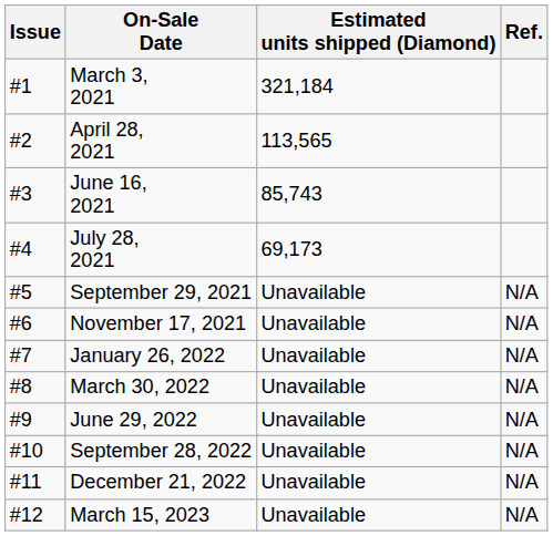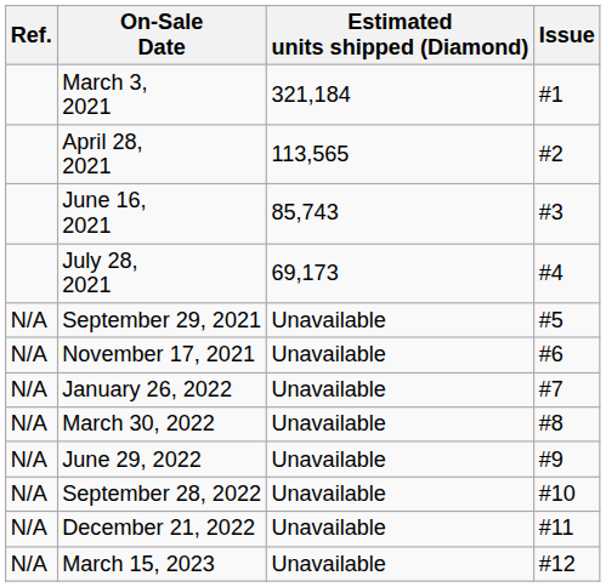 <table class="wikitable">
 <tr>
-<th>Issue</th>
+<th>Ref.</th>
 <th>On-Sale<br>Date</th>
 <th>Estimated<br>units shipped (Diamond)</th>
-<th>Ref.</th>
+<th>Issue</th>
 </tr>
 <tr>
-<td>#1</td>
+<td></td>
 <td>March 3,<br>2021</td>
 <td>321,184</td>
-<td></td>
+<td>#1</td>
 </tr>
 <tr>
-<td>#2</td>
+<td></td>
 <td>April 28,<br>2021</td>
 <td>113,565</td>
-<td></td>
+<td>#2</td>
 </tr>
 <tr>
-<td>#3</td>
+<td></td>
 <td>June 16,<br>2021</td>
 <td>85,743</td>
-<td></td>
+<td>#3</td>
 </tr>
 <tr>
-<td>#4</td>
+<td></td>
 <td>July 28,<br>2021</td>
 <td>69,173</td>
-<td></td>
+<td>#4</td>
 </tr>
 <tr>
-<td>#5</td>
+<td>N/A</td>
 <td>September 29, 2021</td>
 <td>Unavailable</td>
-<td>N/A</td>
+<td>#5</td>
 </tr>
 <tr>
-<td>#6</td>
+<td>N/A</td>
 <td>November 17, 2021</td>
 <td>Unavailable</td>
-<td>N/A</td>
+<td>#6</td>
 </tr>
 <tr>
-<td>#7</td>
+<td>N/A</td>
 <td>January 26, 2022</td>
 <td>Unavailable</td>
-<td>N/A</td>
+<td>#7</td>
 </tr>
 <tr>
-<td>#8</td>
+<td>N/A</td>
 <td>March 30, 2022</td>
 <td>Unavailable</td>
-<td>N/A</td>
+<td>#8</td>
 </tr>
 <tr>
-<td>#9</td>
+<td>N/A</td>
 <td>June 29, 2022</td>
 <td>Unavailable</td>
-<td>N/A</td>
+<td>#9</td>
 </tr>
 <tr>
-<td>#10</td>
+<td>N/A</td>
 <td>September 28, 2022</td>
 <td>Unavailable</td>
-<td>N/A</td>
+<td>#10</td>
 </tr>
 <tr>
-<td>#11</td>
+<td>N/A</td>
 <td>December 21, 2022</td>
 <td>Unavailable</td>
-<td>N/A</td>
+<td>#11</td>
 </tr>
 <tr>
-<td>#12</td>
+<td>N/A</td>
 <td>March 15, 2023</td>
 <td>Unavailable</td>
-<td>N/A</td>
+<td>#12</td>
 </tr>
 </table>
